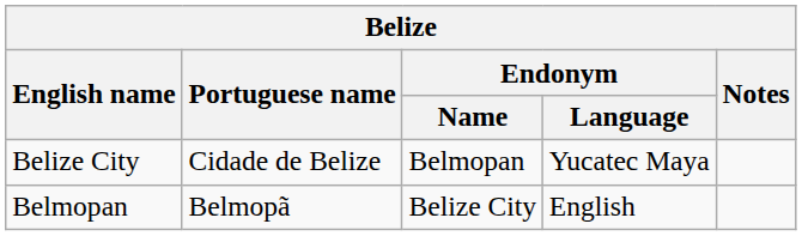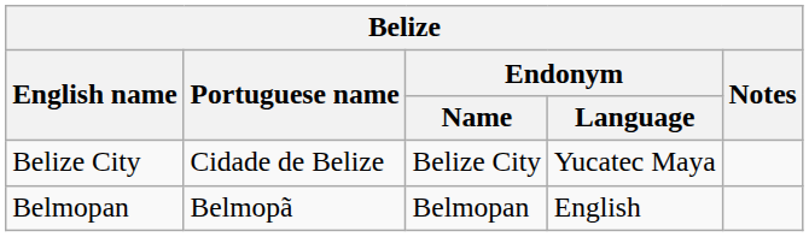 <table class="wikitable sortable">
 <tr>
 <th colspan="5"> Belize</th>
 </tr>
 <tr>
 <th rowspan="2">English name</th>
 <th rowspan="2">Portuguese name</th>
 <th colspan="2">Endonym</th>
 <th rowspan="2">Notes</th>
 </tr>
 <tr>
 <th>Name</th>
 <th>Language</th>
 </tr>
 <tr>
 <td>Belize City</td>
 <td>Cidade de Belize</td>
-<td>Belmopan</td>
+<td>Belize City</td>
 <td>Yucatec Maya</td>
 <td></td>
 </tr>
 <tr>
 <td>Belmopan</td>
 <td>Belmopã</td>
-<td>Belize City</td>
+<td>Belmopan</td>
 <td>English</td>
 <td></td>
 </tr>
 </table>
